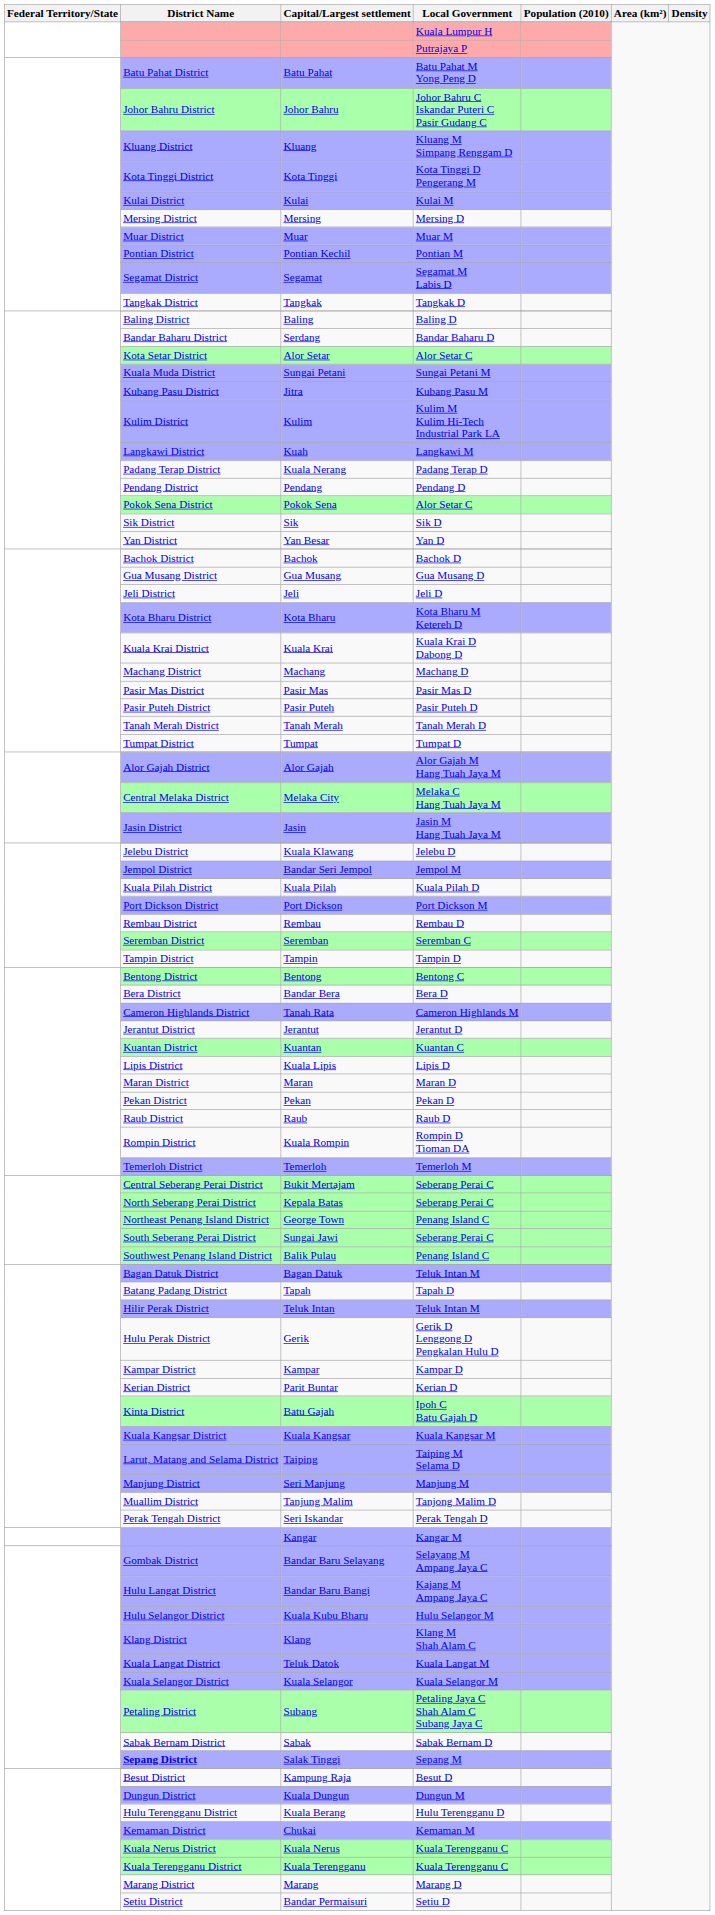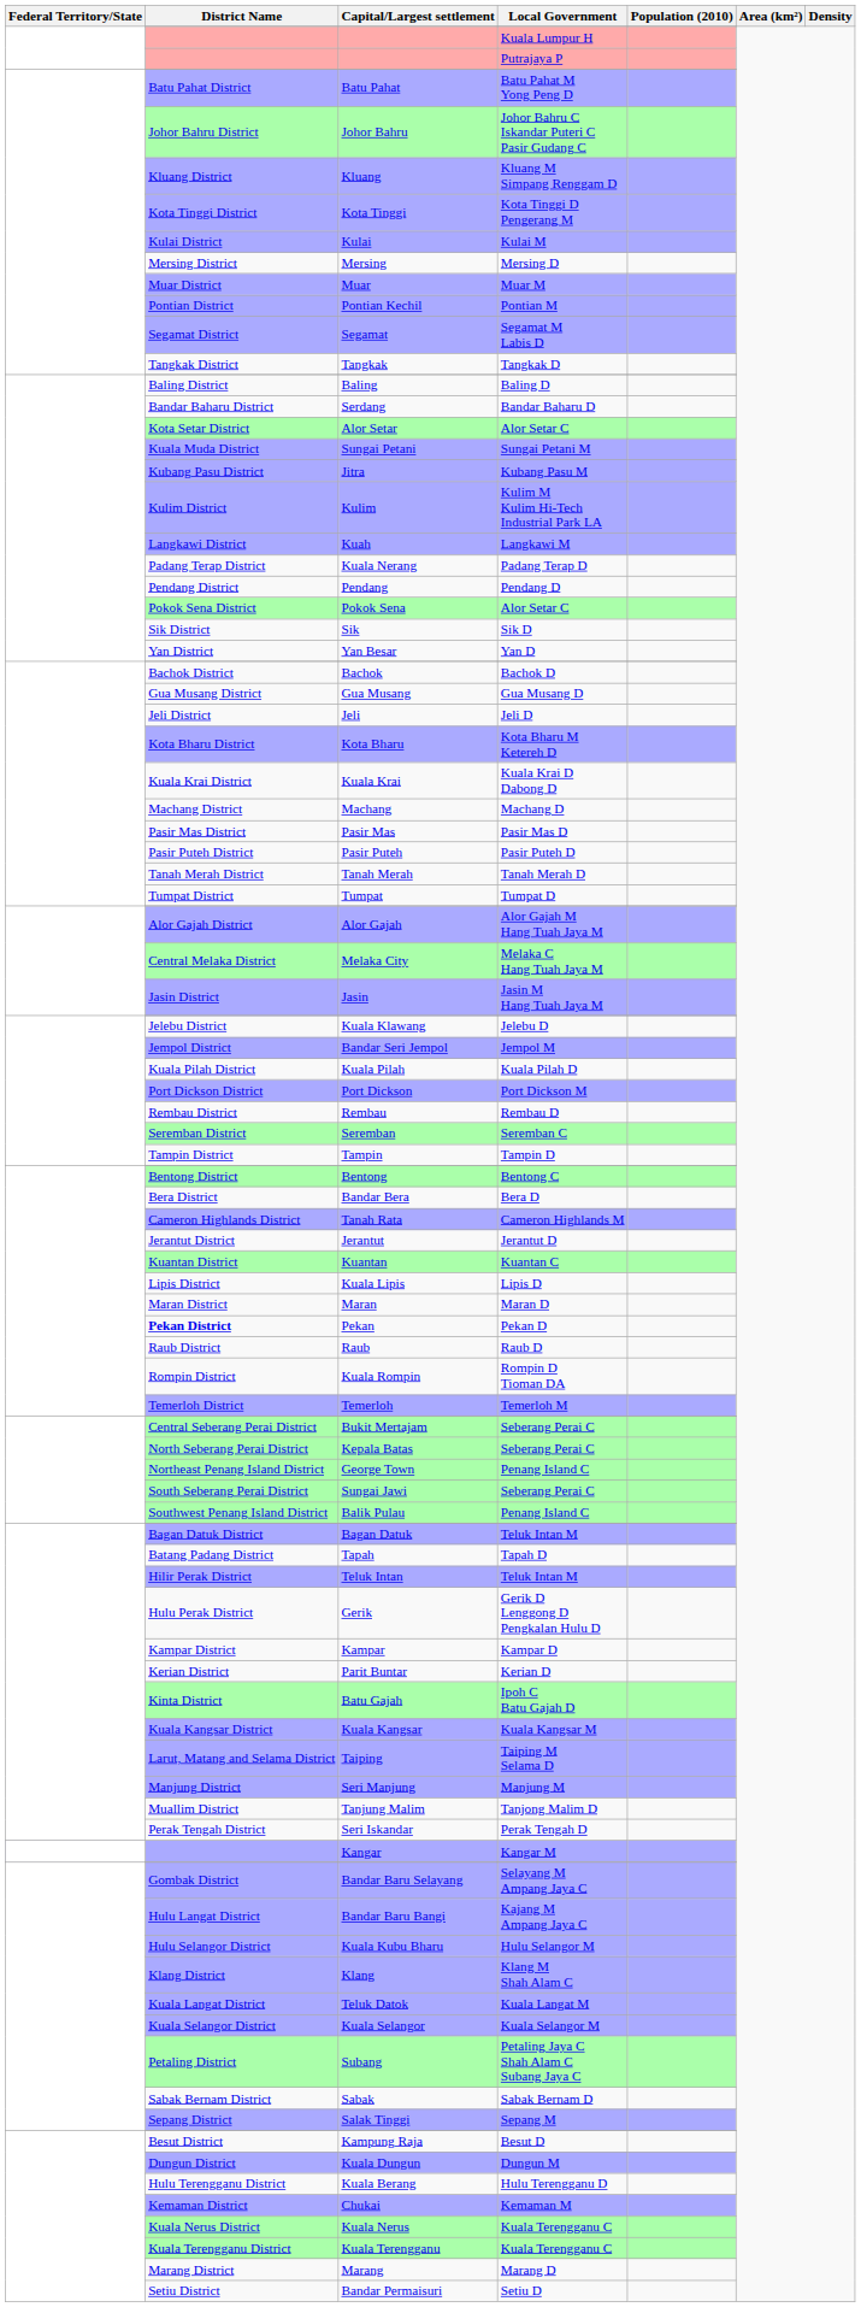 <table class="wikitable unsortable">
 <tr>
 <th>Federal Territory/State</th>
 <th>District Name</th>
 <th>Capital/Largest settlement</th>
 <th>Local Government</th>
 <th>Population (2010)</th>
 <th>Area (km²)</th>
 <th>Density</th>
 </tr>
 <tr>
 <td rowspan="3" colspan="1" style="background:#fff;"></td>
 </tr>
 <tr style="background:#faa;">
 <td></td>
 <td></td>
 <td><a href='#'>Kuala Lumpur H</a></td>
 <td></td>
 </tr>
 <tr style="background:#faa;">
 <td></td>
 <td></td>
 <td><a href='#'>Putrajaya P</a></td>
 <td></td>
 </tr>
 <tr>
 <td rowspan="11" colspan="1" style="background:#fff;"></td>
 </tr>
 <tr style="background:#aaf;">
 <td> <a href='#'>Batu Pahat District</a></td>
 <td><a href='#'>Batu Pahat</a></td>
 <td><a href='#'>Batu Pahat M</a><br><a href='#'>Yong Peng D</a></td>
 <td></td>
 </tr>
 <tr style="background:#afa;">
 <td> <a href='#'>Johor Bahru District</a></td>
 <td><a href='#'>Johor Bahru</a></td>
 <td><a href='#'>Johor Bahru C</a><br><a href='#'>Iskandar Puteri C</a><br><a href='#'>Pasir Gudang C</a></td>
 <td></td>
 </tr>
 <tr style="background:#aaf;">
 <td> <a href='#'>Kluang District</a></td>
 <td><a href='#'>Kluang</a></td>
 <td><a href='#'>Kluang M</a><br><a href='#'>Simpang Renggam D</a></td>
 <td></td>
 </tr>
 <tr style="background:#aaf;">
 <td> <a href='#'>Kota Tinggi District</a></td>
 <td><a href='#'>Kota Tinggi</a></td>
 <td><a href='#'>Kota Tinggi D</a><br><a href='#'>Pengerang M</a></td>
 <td></td>
 </tr>
 <tr style="background:#aaf;">
 <td> <a href='#'>Kulai District</a></td>
 <td><a href='#'>Kulai</a></td>
 <td><a href='#'>Kulai M</a></td>
 <td></td>
 </tr>
 <tr>
 <td> <a href='#'>Mersing District</a></td>
 <td><a href='#'>Mersing</a></td>
 <td><a href='#'>Mersing D</a></td>
 <td></td>
 </tr>
 <tr style="background:#aaf;">
 <td> <a href='#'>Muar District</a></td>
 <td><a href='#'>Muar</a></td>
 <td><a href='#'>Muar M</a></td>
 <td></td>
 </tr>
 <tr style="background:#aaf;">
 <td> <a href='#'>Pontian District</a></td>
 <td><a href='#'>Pontian Kechil</a></td>
 <td><a href='#'>Pontian M</a></td>
 <td></td>
 </tr>
 <tr style="background:#aaf;">
 <td> <a href='#'>Segamat District</a></td>
 <td><a href='#'>Segamat</a></td>
 <td><a href='#'>Segamat M</a><br><a href='#'>Labis D</a></td>
 <td></td>
 </tr>
 <tr>
 <td> <a href='#'>Tangkak District</a></td>
 <td><a href='#'>Tangkak</a></td>
 <td><a href='#'>Tangkak D</a></td>
 <td></td>
 </tr>
 <tr>
 <td rowspan="13" colspan="1" style="background:#fff;"></td>
 </tr>
 <tr>
 <td><a href='#'>Baling District</a></td>
 <td><a href='#'>Baling</a></td>
 <td><a href='#'>Baling D</a></td>
 <td></td>
 </tr>
 <tr>
 <td><a href='#'>Bandar Baharu District</a></td>
 <td><a href='#'>Serdang</a></td>
 <td><a href='#'>Bandar Baharu D</a></td>
 <td></td>
 </tr>
 <tr style="background:#afa;">
 <td><a href='#'>Kota Setar District</a></td>
 <td><a href='#'>Alor Setar</a></td>
 <td><a href='#'>Alor Setar C</a></td>
 <td></td>
 </tr>
 <tr style="background:#aaf;">
 <td><a href='#'>Kuala Muda District</a></td>
 <td><a href='#'>Sungai Petani</a></td>
 <td><a href='#'>Sungai Petani M</a></td>
 <td></td>
 </tr>
 <tr style="background:#aaf;">
 <td><a href='#'>Kubang Pasu District</a></td>
 <td><a href='#'>Jitra</a></td>
 <td><a href='#'>Kubang Pasu M</a></td>
 <td></td>
 </tr>
 <tr style="background:#aaf;">
 <td><a href='#'>Kulim District</a></td>
 <td><a href='#'>Kulim</a></td>
 <td><a href='#'>Kulim M</a><br><a href='#'>Kulim Hi-Tech <br>Industrial Park LA</a></td>
 <td></td>
 </tr>
 <tr style="background:#aaf;">
 <td><a href='#'>Langkawi District</a></td>
 <td><a href='#'>Kuah</a></td>
 <td><a href='#'>Langkawi M</a></td>
 <td></td>
 </tr>
 <tr>
 <td><a href='#'>Padang Terap District</a></td>
 <td><a href='#'>Kuala Nerang</a></td>
 <td><a href='#'>Padang Terap D</a></td>
 <td></td>
 </tr>
 <tr>
 <td><a href='#'>Pendang District</a></td>
 <td><a href='#'>Pendang</a></td>
 <td><a href='#'>Pendang D</a></td>
 <td></td>
 </tr>
 <tr style="background:#afa;">
 <td><a href='#'>Pokok Sena District</a></td>
 <td><a href='#'>Pokok Sena</a></td>
 <td><a href='#'>Alor Setar C</a></td>
 <td></td>
 </tr>
 <tr>
 <td><a href='#'>Sik District</a></td>
 <td><a href='#'>Sik</a></td>
 <td><a href='#'>Sik D</a></td>
 <td></td>
 </tr>
 <tr>
 <td><a href='#'>Yan District</a></td>
 <td><a href='#'>Yan Besar</a></td>
 <td><a href='#'>Yan D</a></td>
 <td></td>
 </tr>
 <tr>
 <td rowspan="11" colspan="1" style="background:#fff;"></td>
 </tr>
 <tr>
 <td> <a href='#'>Bachok District</a></td>
 <td><a href='#'>Bachok</a></td>
 <td><a href='#'>Bachok D</a></td>
 <td></td>
 </tr>
 <tr>
 <td> <a href='#'>Gua Musang District</a></td>
 <td><a href='#'>Gua Musang</a></td>
 <td><a href='#'>Gua Musang D</a></td>
 <td></td>
 </tr>
 <tr>
 <td> <a href='#'>Jeli District</a></td>
 <td><a href='#'>Jeli</a></td>
 <td><a href='#'>Jeli D</a></td>
 <td></td>
 </tr>
 <tr style="background:#aaf;">
 <td> <a href='#'>Kota Bharu District</a></td>
 <td><a href='#'>Kota Bharu</a></td>
 <td><a href='#'>Kota Bharu M</a><br><a href='#'>Ketereh D</a></td>
 <td></td>
 </tr>
 <tr>
 <td> <a href='#'>Kuala Krai District</a></td>
 <td><a href='#'>Kuala Krai</a></td>
 <td><a href='#'>Kuala Krai D</a><br><a href='#'>Dabong D</a></td>
 <td></td>
 </tr>
 <tr>
 <td> <a href='#'>Machang District</a></td>
 <td><a href='#'>Machang</a></td>
 <td><a href='#'>Machang D</a></td>
 <td></td>
 </tr>
 <tr>
 <td> <a href='#'>Pasir Mas District</a></td>
 <td><a href='#'>Pasir Mas</a></td>
 <td><a href='#'>Pasir Mas D</a></td>
 <td></td>
 </tr>
 <tr>
 <td> <a href='#'>Pasir Puteh District</a></td>
 <td><a href='#'>Pasir Puteh</a></td>
 <td><a href='#'>Pasir Puteh D</a></td>
 <td></td>
 </tr>
 <tr>
 <td> <a href='#'>Tanah Merah District</a></td>
 <td><a href='#'>Tanah Merah</a></td>
 <td><a href='#'>Tanah Merah D</a></td>
 <td></td>
 </tr>
 <tr>
 <td> <a href='#'>Tumpat District</a></td>
 <td><a href='#'>Tumpat</a></td>
 <td><a href='#'>Tumpat D</a></td>
 <td></td>
 </tr>
 <tr>
 <td rowspan="4" colspan="1" style="background:#fff;"></td>
 </tr>
 <tr style="background:#aaf;">
 <td><a href='#'>Alor Gajah District</a></td>
 <td><a href='#'>Alor Gajah</a></td>
 <td><a href='#'>Alor Gajah M</a><br><a href='#'>Hang Tuah Jaya M</a></td>
 <td></td>
 </tr>
 <tr style="background:#afa;">
 <td><a href='#'>Central Melaka District</a></td>
 <td><a href='#'>Melaka City</a></td>
 <td><a href='#'>Melaka C</a><br><a href='#'>Hang Tuah Jaya M</a></td>
 <td></td>
 </tr>
 <tr style="background:#aaf;">
 <td><a href='#'>Jasin District</a></td>
 <td><a href='#'>Jasin</a></td>
 <td><a href='#'>Jasin M</a><br><a href='#'>Hang Tuah Jaya M</a></td>
 <td></td>
 </tr>
 <tr>
 <td rowspan="8" colspan="1" style="background:#fff;"></td>
 </tr>
 <tr>
 <td><a href='#'>Jelebu District</a></td>
 <td><a href='#'>Kuala Klawang</a></td>
 <td><a href='#'>Jelebu D</a></td>
 <td></td>
 </tr>
 <tr style="background:#aaf;">
 <td><a href='#'>Jempol District</a></td>
 <td><a href='#'>Bandar Seri Jempol</a></td>
 <td><a href='#'>Jempol M</a></td>
 <td></td>
 </tr>
 <tr>
 <td><a href='#'>Kuala Pilah District</a></td>
 <td><a href='#'>Kuala Pilah</a></td>
 <td><a href='#'>Kuala Pilah D</a></td>
 <td></td>
 </tr>
 <tr style="background:#aaf;">
 <td><a href='#'>Port Dickson District</a></td>
 <td><a href='#'>Port Dickson</a></td>
 <td><a href='#'>Port Dickson M</a></td>
 <td></td>
 </tr>
 <tr>
 <td><a href='#'>Rembau District</a></td>
 <td><a href='#'>Rembau</a></td>
 <td><a href='#'>Rembau D</a></td>
 <td></td>
 </tr>
 <tr style="background:#afa;">
 <td><a href='#'>Seremban District</a></td>
 <td><a href='#'>Seremban</a></td>
 <td><a href='#'>Seremban C</a></td>
 <td></td>
 </tr>
 <tr>
 <td><a href='#'>Tampin District</a></td>
 <td><a href='#'>Tampin</a></td>
 <td><a href='#'>Tampin D</a></td>
 <td></td>
 </tr>
 <tr>
 <td rowspan="12" colspan="1" style="background:#fff;"></td>
 </tr>
 <tr style="background:#afa;">
 <td><a href='#'>Bentong District</a></td>
 <td><a href='#'>Bentong</a></td>
 <td><a href='#'>Bentong C</a></td>
 <td></td>
 </tr>
 <tr>
 <td><a href='#'>Bera District</a></td>
 <td><a href='#'>Bandar Bera</a></td>
 <td><a href='#'>Bera D</a></td>
 <td></td>
 </tr>
 <tr style="background:#aaf;">
 <td><a href='#'>Cameron Highlands District</a></td>
 <td><a href='#'>Tanah Rata</a></td>
 <td><a href='#'>Cameron Highlands M</a></td>
 <td></td>
 </tr>
 <tr>
 <td><a href='#'>Jerantut District</a></td>
 <td><a href='#'>Jerantut</a></td>
 <td><a href='#'>Jerantut D</a></td>
 <td></td>
 </tr>
 <tr style="background:#afa;">
 <td><a href='#'>Kuantan District</a></td>
 <td><a href='#'>Kuantan</a></td>
 <td><a href='#'>Kuantan C</a></td>
 <td></td>
 </tr>
 <tr>
 <td><a href='#'>Lipis District</a></td>
 <td><a href='#'>Kuala Lipis</a></td>
 <td><a href='#'>Lipis D</a></td>
 <td></td>
 </tr>
 <tr>
 <td><a href='#'>Maran District</a></td>
 <td><a href='#'>Maran</a></td>
 <td><a href='#'>Maran D</a></td>
 <td></td>
 </tr>
 <tr>
-<td><a href='#'>Pekan District</a></td>
+<td><strong><a href='#'>Pekan District</a></strong></td>
 <td><a href='#'>Pekan</a></td>
 <td><a href='#'>Pekan D</a></td>
 <td></td>
 </tr>
 <tr>
 <td><a href='#'>Raub District</a></td>
 <td><a href='#'>Raub</a></td>
 <td><a href='#'>Raub D</a></td>
 <td></td>
 </tr>
 <tr>
 <td><a href='#'>Rompin District</a></td>
 <td><a href='#'>Kuala Rompin</a></td>
 <td><a href='#'>Rompin D</a><br><a href='#'>Tioman DA</a></td>
 <td></td>
 </tr>
 <tr style="background:#aaf;">
 <td><a href='#'>Temerloh District</a></td>
 <td><a href='#'>Temerloh</a></td>
 <td><a href='#'>Temerloh M</a></td>
 <td></td>
 </tr>
 <tr>
 <td style="background:#fff;" rowspan="6" colspan="1"></td>
 </tr>
 <tr style="background:#afa;">
 <td><a href='#'>Central Seberang Perai District</a></td>
 <td><a href='#'>Bukit Mertajam</a></td>
 <td><a href='#'>Seberang Perai C</a></td>
 <td></td>
 </tr>
 <tr style="background:#afa;">
 <td><a href='#'>North Seberang Perai District</a></td>
 <td><a href='#'>Kepala Batas</a></td>
 <td><a href='#'>Seberang Perai C</a></td>
 <td></td>
 </tr>
 <tr style="background:#afa;">
 <td><a href='#'>Northeast Penang Island District</a></td>
 <td><a href='#'>George Town</a></td>
 <td><a href='#'>Penang Island C</a></td>
 <td></td>
 </tr>
 <tr style="background:#afa;">
 <td><a href='#'>South Seberang Perai District</a></td>
 <td><a href='#'>Sungai Jawi</a></td>
 <td><a href='#'>Seberang Perai C</a></td>
 <td></td>
 </tr>
 <tr style="background:#afa;">
 <td><a href='#'>Southwest Penang Island District</a></td>
 <td><a href='#'>Balik Pulau</a></td>
 <td><a href='#'>Penang Island C</a></td>
 <td></td>
 </tr>
 <tr>
 <td rowspan="13" colspan="1" style="background:#fff;"></td>
 </tr>
 <tr style="background:#aaf;">
 <td><a href='#'>Bagan Datuk District</a></td>
 <td><a href='#'>Bagan Datuk</a></td>
 <td><a href='#'>Teluk Intan M</a></td>
 <td></td>
 </tr>
 <tr>
 <td><a href='#'>Batang Padang District</a></td>
 <td><a href='#'>Tapah</a></td>
 <td><a href='#'>Tapah D</a></td>
 <td></td>
 </tr>
 <tr style="background:#aaf;">
 <td><a href='#'>Hilir Perak District</a></td>
 <td><a href='#'>Teluk Intan</a></td>
 <td><a href='#'>Teluk Intan M</a></td>
 <td></td>
 </tr>
 <tr>
 <td><a href='#'>Hulu Perak District</a></td>
 <td><a href='#'>Gerik</a></td>
 <td><a href='#'>Gerik D</a><br><a href='#'>Lenggong D</a><br><a href='#'>Pengkalan Hulu D</a></td>
 <td></td>
 </tr>
 <tr>
 <td><a href='#'>Kampar District</a></td>
 <td><a href='#'>Kampar</a></td>
 <td><a href='#'>Kampar D</a></td>
 <td></td>
 </tr>
 <tr>
 <td><a href='#'>Kerian District</a></td>
 <td><a href='#'>Parit Buntar</a></td>
 <td><a href='#'>Kerian D</a></td>
 <td></td>
 </tr>
 <tr style="background:#afa;">
 <td><a href='#'>Kinta District</a></td>
 <td><a href='#'>Batu Gajah</a></td>
 <td><a href='#'>Ipoh C</a><br><a href='#'>Batu Gajah D</a></td>
 <td></td>
 </tr>
 <tr style="background:#aaf;">
 <td><a href='#'>Kuala Kangsar District</a></td>
 <td><a href='#'>Kuala Kangsar</a></td>
 <td><a href='#'>Kuala Kangsar M</a></td>
 <td></td>
 </tr>
 <tr style="background:#aaf;">
 <td><a href='#'>Larut, Matang and Selama District</a></td>
 <td><a href='#'>Taiping</a></td>
 <td><a href='#'>Taiping M</a><br><a href='#'>Selama D</a></td>
 <td></td>
 </tr>
 <tr style="background:#aaf;">
 <td><a href='#'>Manjung District</a></td>
 <td><a href='#'>Seri Manjung</a></td>
 <td><a href='#'>Manjung M</a></td>
 <td></td>
 </tr>
 <tr>
 <td> <a href='#'>Muallim District</a></td>
 <td><a href='#'>Tanjung Malim</a></td>
 <td><a href='#'>Tanjong Malim D</a></td>
 <td></td>
 </tr>
 <tr>
 <td><a href='#'>Perak Tengah District</a></td>
 <td><a href='#'>Seri Iskandar</a></td>
 <td><a href='#'>Perak Tengah D</a></td>
 <td></td>
 </tr>
 <tr style="background:#aaf;">
 <td style="background:#fff;"></td>
 <td></td>
 <td><a href='#'>Kangar</a></td>
 <td><a href='#'>Kangar M</a></td>
 <td></td>
 </tr>
 <tr>
 <td rowspan="10" colspan="1" style="background:#fff;"></td>
 </tr>
 <tr style="background:#aaf;">
 <td><a href='#'>Gombak District</a></td>
 <td><a href='#'>Bandar Baru Selayang</a></td>
 <td><a href='#'>Selayang M</a><br><a href='#'>Ampang Jaya C</a></td>
 <td></td>
 </tr>
 <tr style="background:#aaf;">
 <td><a href='#'>Hulu Langat District</a></td>
 <td><a href='#'>Bandar Baru Bangi</a></td>
 <td><a href='#'>Kajang M</a><br><a href='#'>Ampang Jaya C</a></td>
 <td></td>
 </tr>
 <tr style="background:#aaf;">
 <td><a href='#'>Hulu Selangor District</a></td>
 <td><a href='#'>Kuala Kubu Bharu</a></td>
 <td><a href='#'>Hulu Selangor M</a></td>
 <td></td>
 </tr>
 <tr style="background:#aaf;">
 <td><a href='#'>Klang District</a></td>
 <td><a href='#'>Klang</a></td>
 <td><a href='#'>Klang M</a><br><a href='#'>Shah Alam C</a></td>
 <td></td>
 </tr>
 <tr style="background:#aaf;">
 <td><a href='#'>Kuala Langat District</a></td>
 <td><a href='#'>Teluk Datok</a></td>
 <td><a href='#'>Kuala Langat M</a></td>
 <td></td>
 </tr>
 <tr style="background:#aaf;">
 <td><a href='#'>Kuala Selangor District</a></td>
 <td><a href='#'>Kuala Selangor</a></td>
 <td><a href='#'>Kuala Selangor M</a></td>
 <td></td>
 </tr>
 <tr style="background:#afa;">
 <td><a href='#'>Petaling District</a></td>
 <td><a href='#'>Subang</a></td>
 <td><a href='#'>Petaling Jaya C</a><br><a href='#'>Shah Alam C</a><br><a href='#'>Subang Jaya C</a></td>
 <td></td>
 </tr>
 <tr>
 <td><a href='#'>Sabak Bernam District</a></td>
 <td><a href='#'>Sabak</a></td>
 <td><a href='#'>Sabak Bernam D</a></td>
 <td></td>
 </tr>
 <tr style="background:#aaf;">
-<td><strong><a href='#'>Sepang District</a></strong></td>
+<td><a href='#'>Sepang District</a></td>
 <td><a href='#'>Salak Tinggi</a></td>
 <td><a href='#'>Sepang M</a></td>
 <td></td>
 </tr>
 <tr>
 <td rowspan="9" colspan="1" style="background:#fff;"></td>
 </tr>
 <tr>
 <td> <a href='#'>Besut District</a></td>
 <td><a href='#'>Kampung Raja</a></td>
 <td><a href='#'>Besut D</a></td>
 <td></td>
 </tr>
 <tr style="background:#aaf;">
 <td> <a href='#'>Dungun District</a></td>
 <td><a href='#'>Kuala Dungun</a></td>
 <td><a href='#'>Dungun M</a></td>
 <td></td>
 </tr>
 <tr>
 <td> <a href='#'>Hulu Terengganu District</a></td>
 <td><a href='#'>Kuala Berang</a></td>
 <td><a href='#'>Hulu Terengganu D</a></td>
 <td></td>
 </tr>
 <tr style="background:#aaf;">
 <td> <a href='#'>Kemaman District</a></td>
 <td><a href='#'>Chukai</a></td>
 <td><a href='#'>Kemaman M</a></td>
 <td></td>
 </tr>
 <tr style="background:#afa;">
 <td> <a href='#'>Kuala Nerus District</a></td>
 <td><a href='#'>Kuala Nerus</a></td>
 <td><a href='#'>Kuala Terengganu C</a></td>
 <td></td>
 </tr>
 <tr style="background:#afa;">
 <td> <a href='#'>Kuala Terengganu District</a></td>
 <td><a href='#'>Kuala Terengganu</a></td>
 <td><a href='#'>Kuala Terengganu C</a></td>
 <td></td>
 </tr>
 <tr>
 <td> <a href='#'>Marang District</a></td>
 <td><a href='#'>Marang</a></td>
 <td><a href='#'>Marang D</a></td>
 <td></td>
 </tr>
 <tr>
 <td> <a href='#'>Setiu District</a></td>
 <td><a href='#'>Bandar Permaisuri</a></td>
 <td><a href='#'>Setiu D</a></td>
 <td></td>
 </tr>
 </table>
